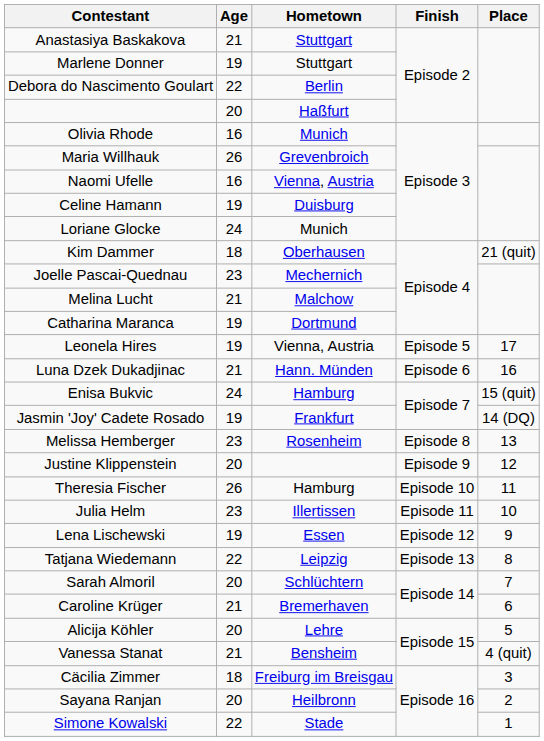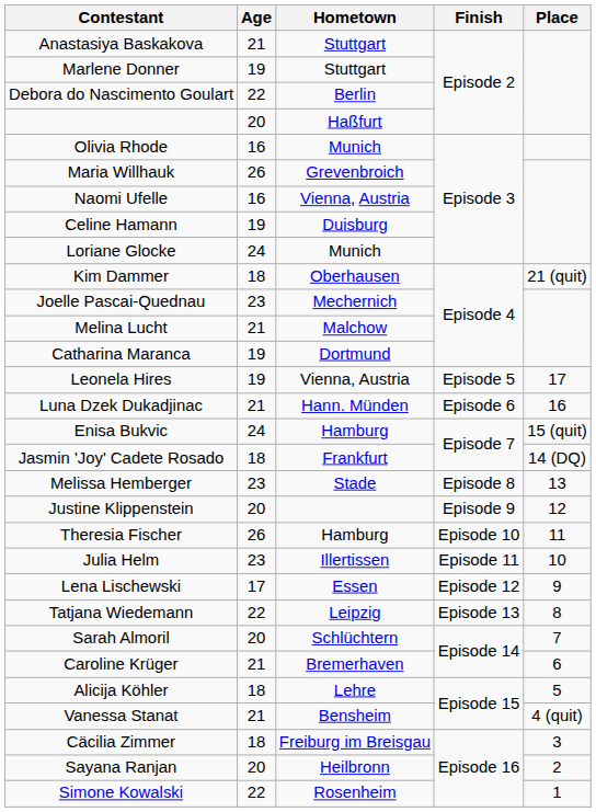 <table class="wikitable sortable" style="text-align:center;">
 <tr>
 <th>Contestant</th>
 <th>Age</th>
 <th>Hometown</th>
 <th>Finish</th>
 <th>Place</th>
 </tr>
 <tr>
 <td>Anastasiya Baskakova</td>
 <td>21</td>
 <td><a href='#'>Stuttgart</a></td>
 <td rowspan="4">Episode 2</td>
 <td rowspan="4"></td>
 </tr>
 <tr>
 <td>Marlene Donner</td>
 <td>19</td>
 <td>Stuttgart</td>
 </tr>
 <tr>
 <td>Debora do Nascimento Goulart</td>
 <td>22</td>
 <td><a href='#'>Berlin</a></td>
 </tr>
 <tr>
 <td></td>
 <td>20</td>
 <td><a href='#'>Haßfurt</a></td>
 </tr>
 <tr>
 <td>Olivia Rhode</td>
 <td>16</td>
 <td><a href='#'>Munich</a></td>
 <td rowspan="5">Episode 3</td>
 <td></td>
 </tr>
 <tr>
 <td>Maria Willhauk</td>
 <td>26</td>
 <td><a href='#'>Grevenbroich</a></td>
 <td rowspan="4"></td>
 </tr>
 <tr>
 <td>Naomi Ufelle</td>
 <td>16</td>
 <td><a href='#'>Vienna</a>, <a href='#'>Austria</a></td>
 </tr>
 <tr>
 <td>Celine Hamann</td>
 <td>19</td>
 <td><a href='#'>Duisburg</a></td>
 </tr>
 <tr>
 <td>Loriane Glocke</td>
 <td>24</td>
 <td>Munich</td>
 </tr>
 <tr>
 <td>Kim Dammer</td>
 <td>18</td>
 <td><a href='#'>Oberhausen</a></td>
 <td rowspan="4">Episode 4</td>
 <td>21 (quit)</td>
 </tr>
 <tr>
 <td>Joelle Pascai-Quednau</td>
 <td>23</td>
 <td><a href='#'>Mechernich</a></td>
 <td rowspan="3"></td>
 </tr>
 <tr>
 <td>Melina Lucht</td>
 <td>21</td>
 <td><a href='#'>Malchow</a></td>
 </tr>
 <tr>
 <td>Catharina Maranca</td>
 <td>19</td>
 <td><a href='#'>Dortmund</a></td>
 </tr>
 <tr>
 <td>Leonela Hires</td>
 <td>19</td>
 <td>Vienna, Austria</td>
 <td>Episode 5</td>
 <td>17</td>
 </tr>
 <tr>
 <td>Luna Dzek Dukadjinac</td>
 <td>21</td>
 <td><a href='#'>Hann. Münden</a></td>
 <td>Episode 6</td>
 <td>16</td>
 </tr>
 <tr>
 <td>Enisa Bukvic</td>
 <td>24</td>
 <td><a href='#'>Hamburg</a></td>
 <td rowspan="2">Episode 7</td>
 <td>15 (quit)</td>
 </tr>
 <tr>
 <td>Jasmin 'Joy' Cadete Rosado</td>
-<td>19</td>
+<td>18</td>
 <td><a href='#'>Frankfurt</a></td>
 <td>14 (DQ)</td>
 </tr>
 <tr>
 <td>Melissa Hemberger</td>
 <td>23</td>
-<td><a href='#'>Rosenheim</a></td>
+<td><a href='#'>Stade</a></td>
 <td>Episode 8</td>
 <td>13</td>
 </tr>
 <tr>
 <td>Justine Klippenstein</td>
 <td>20</td>
 <td></td>
 <td>Episode 9</td>
 <td>12</td>
 </tr>
 <tr>
 <td>Theresia Fischer</td>
 <td>26</td>
 <td>Hamburg</td>
 <td>Episode 10</td>
 <td>11</td>
 </tr>
 <tr>
 <td>Julia Helm</td>
 <td>23</td>
 <td><a href='#'>Illertissen</a></td>
 <td>Episode 11</td>
 <td>10</td>
 </tr>
 <tr>
 <td>Lena Lischewski</td>
-<td>19</td>
+<td>17</td>
 <td><a href='#'>Essen</a></td>
 <td>Episode 12</td>
 <td>9</td>
 </tr>
 <tr>
 <td>Tatjana Wiedemann</td>
 <td>22</td>
 <td><a href='#'>Leipzig</a></td>
 <td>Episode 13</td>
 <td>8</td>
 </tr>
 <tr>
 <td>Sarah Almoril</td>
 <td>20</td>
 <td><a href='#'>Schlüchtern</a></td>
 <td rowspan="2">Episode 14</td>
 <td>7</td>
 </tr>
 <tr>
 <td>Caroline Krüger</td>
 <td>21</td>
 <td><a href='#'>Bremerhaven</a></td>
 <td>6</td>
 </tr>
 <tr>
 <td>Alicija Köhler</td>
-<td>20</td>
+<td>18</td>
 <td><a href='#'>Lehre</a></td>
 <td rowspan="2">Episode 15</td>
 <td>5</td>
 </tr>
 <tr>
 <td>Vanessa Stanat</td>
 <td>21</td>
 <td><a href='#'>Bensheim</a></td>
 <td>4 (quit)</td>
 </tr>
 <tr>
 <td>Cäcilia Zimmer</td>
 <td>18</td>
 <td><a href='#'>Freiburg im Breisgau</a></td>
 <td rowspan=3>Episode 16</td>
 <td>3</td>
 </tr>
 <tr>
 <td>Sayana Ranjan</td>
 <td>20</td>
 <td><a href='#'>Heilbronn</a></td>
 <td>2</td>
 </tr>
 <tr>
 <td><a href='#'>Simone Kowalski</a></td>
 <td>22</td>
-<td><a href='#'>Stade</a></td>
+<td><a href='#'>Rosenheim</a></td>
 <td>1</td>
 </tr>
 </table>
